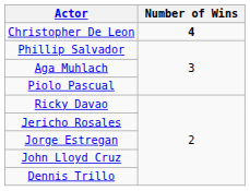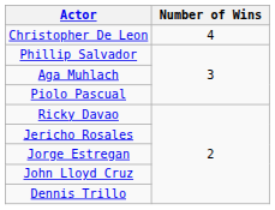 <table class="wikitable" style="text-align: center">
 <tr>
 <th width="150"><a href='#'>Actor</a></th>
 <th width="120">Number of Wins</th>
 </tr>
 <tr>
 <td><a href='#'>Christopher De Leon</a></td>
-<td><strong>4</strong></td>
+<td>4</td>
 </tr>
 <tr>
 <td><a href='#'>Phillip Salvador</a></td>
 <td rowspan="3">3</td>
 </tr>
 <tr>
 <td><a href='#'>Aga Muhlach</a></td>
 </tr>
 <tr>
 <td><a href='#'>Piolo Pascual</a></td>
 </tr>
 <tr>
 <td><a href='#'>Ricky Davao</a></td>
 <td rowspan="5">2</td>
 </tr>
 <tr>
 <td><a href='#'>Jericho Rosales</a></td>
 </tr>
 <tr>
 <td><a href='#'>Jorge Estregan</a></td>
 </tr>
 <tr>
 <td><a href='#'>John Lloyd Cruz</a></td>
 </tr>
 <tr>
 <td><a href='#'>Dennis Trillo</a></td>
 </tr>
 </table>
